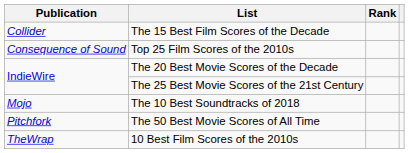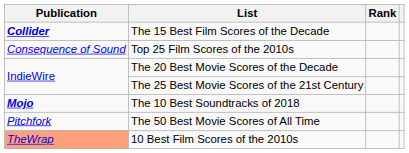 <table class="sortable wikitable">
 <tr>
 <th>Publication</th>
 <th>List</th>
 <th>Rank</th>
 <th class="unsortable"></th>
 </tr>
 <tr>
-<td><em><a href='#'>Collider</a></em></td>
+<td><strong><em><a href='#'>Collider</a></em></strong></td>
 <td>The 15 Best Film Scores of the Decade</td>
 <td></td>
 <td></td>
 </tr>
 <tr>
 <td><em><a href='#'>Consequence of Sound</a></em></td>
 <td>Top 25 Film Scores of the 2010s</td>
 <td></td>
 <td></td>
 </tr>
 <tr>
 <td rowspan="2"><a href='#'>IndieWire</a></td>
 <td>The 20 Best Movie Scores of the Decade</td>
 <td></td>
 <td></td>
 </tr>
 <tr>
 <td>The 25 Best Movie Scores of the 21st Century</td>
 <td></td>
 <td></td>
 </tr>
 <tr>
-<td><em><a href='#'>Mojo</a></em></td>
+<td><strong><em><a href='#'>Mojo</a></em></strong></td>
 <td>The 10 Best Soundtracks of 2018</td>
 <td></td>
 <td></td>
 </tr>
 <tr>
 <td><em><a href='#'>Pitchfork</a></em></td>
 <td>The 50 Best Movie Scores of All Time</td>
 <td></td>
 <td></td>
 </tr>
 <tr>
-<td><em><a href='#'>TheWrap</a></em></td>
+<td style="background: lightsalmon;"><em><a href='#'>TheWrap</a></em></td>
 <td>10 Best Film Scores of the 2010s</td>
 <td></td>
 <td></td>
 </tr>
 </table>
